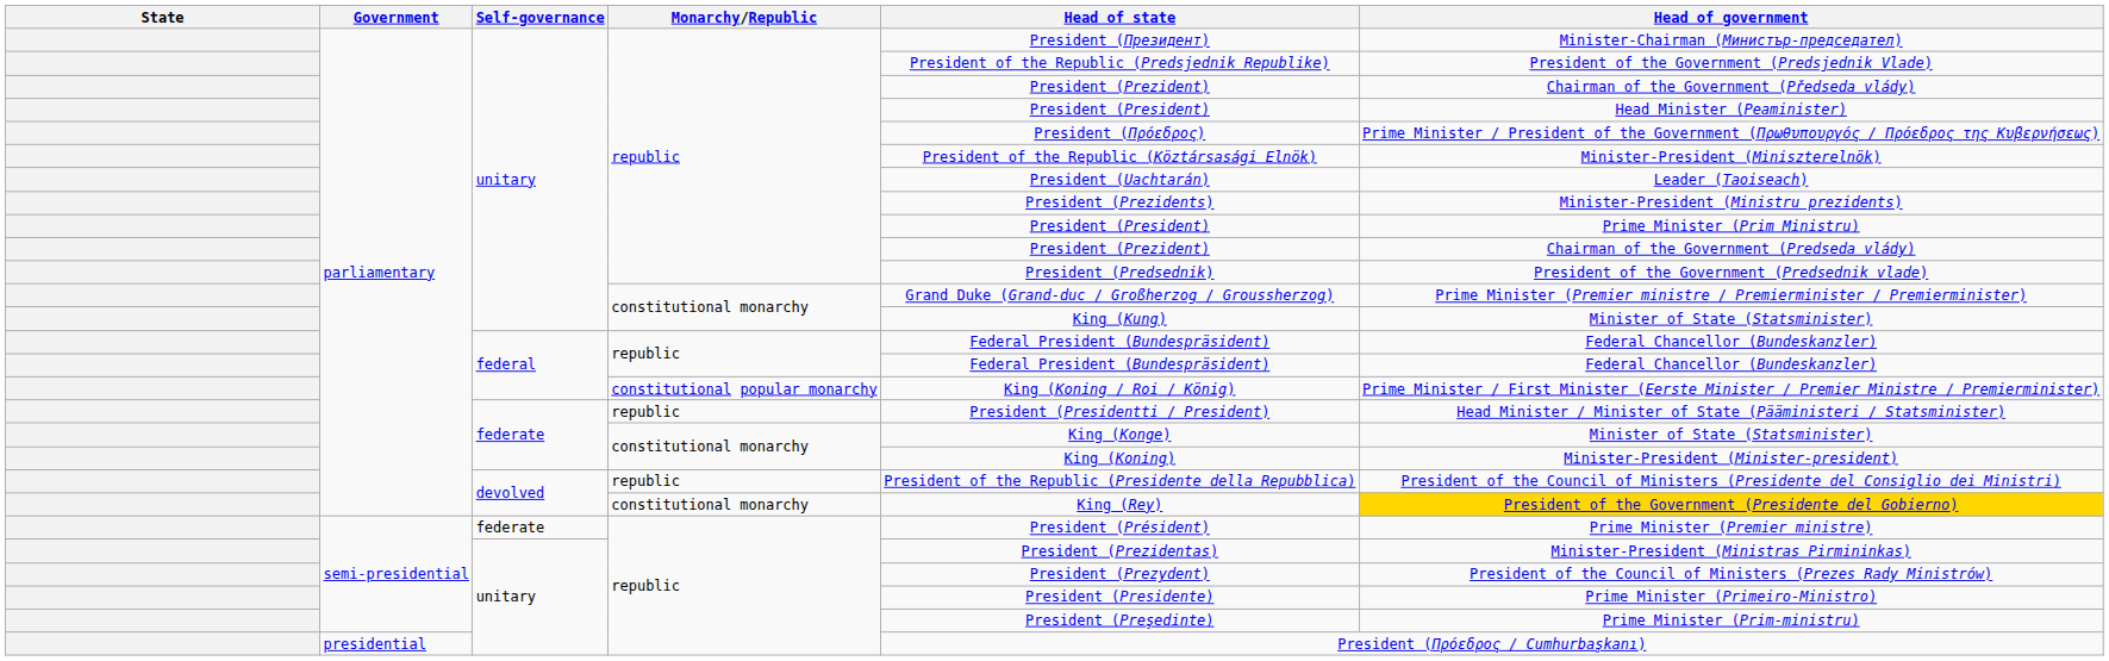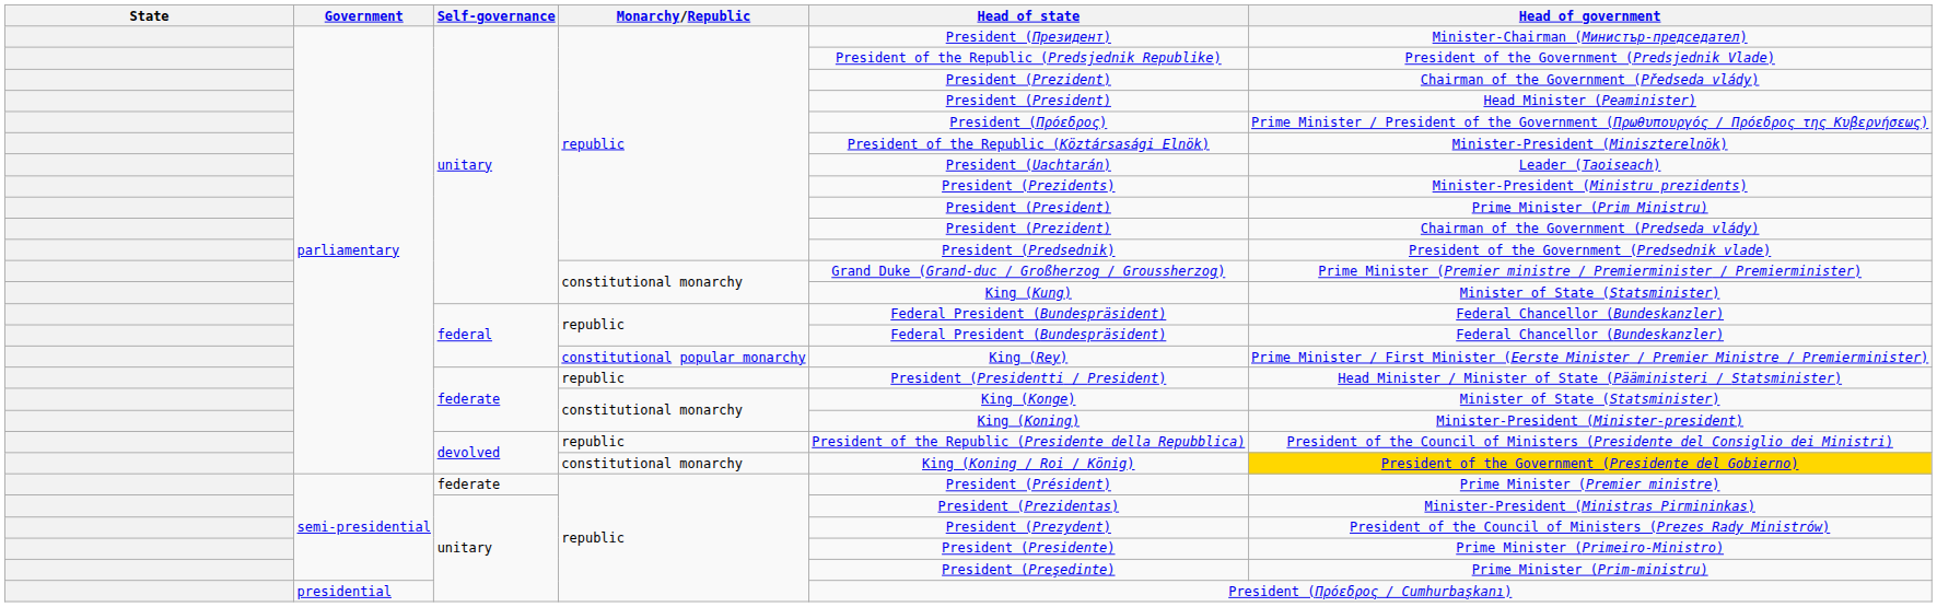 <table class="wikitable sortable" style="align:center">
 <tr>
 <th style="width:15%">State</th>
 <th><a href='#'>Government</a></th>
 <th><a href='#'>Self-governance</a></th>
 <th><a href='#'>Monarchy</a>/<a href='#'>Republic</a></th>
 <th><a href='#'>Head of state</a></th>
 <th><a href='#'>Head of government</a></th>
 </tr>
 <tr>
 <th style="text-align:left"></th>
 <td rowspan="21"><a href='#'>parliamentary</a></td>
 <td rowspan="13"><a href='#'>unitary</a></td>
 <td rowspan="11"><a href='#'>republic</a></td>
 <td align="center"><a href='#'>President (<em>Президент</em>)</a></td>
 <td align="center"><a href='#'>Minister-Chairman (<em>Министър-председател</em>)</a></td>
 </tr>
 <tr>
 <th style="text-align:left"></th>
 <td align="center"><a href='#'>President of the Republic (<em>Predsjednik Republike</em>)</a></td>
 <td align="center"><a href='#'>President of the Government (<em>Predsjednik Vlade</em>)</a></td>
 </tr>
 <tr>
 <th style="text-align:left"></th>
 <td align="center"><a href='#'>President (<em>Prezident</em>)</a></td>
 <td align="center"><a href='#'>Chairman of the Government (<em>Předseda vlády</em>)</a></td>
 </tr>
 <tr>
 <th style="text-align:left"></th>
 <td align="center"><a href='#'>President (<em>President</em>)</a></td>
 <td align="center"><a href='#'>Head Minister (<em>Peaminister</em>)</a></td>
 </tr>
 <tr>
 <th style="text-align:left"></th>
 <td align="center"><a href='#'>President (<em>Πρόεδρος</em>)</a></td>
 <td align="center"><a href='#'>Prime Minister / President of the Government (<em>Πρωθυπουργός / Πρόεδρος της Κυβερνήσεως</em>)</a></td>
 </tr>
 <tr>
 <th style="text-align:left"></th>
 <td align="center"><a href='#'>President of the Republic (<em>Köztársasági Elnök</em>)</a></td>
 <td align="center"><a href='#'>Minister-President (<em>Miniszterelnök</em>)</a></td>
 </tr>
 <tr>
 <th style="text-align:left"></th>
 <td align="center"><a href='#'>President (<em>Uachtarán</em>)</a></td>
 <td align="center"><a href='#'>Leader (<em>Taoiseach</em>)</a></td>
 </tr>
 <tr>
 <th style="text-align:left"></th>
 <td align="center"><a href='#'>President (<em>Prezidents</em>)</a></td>
 <td align="center"><a href='#'>Minister-President (<em>Ministru prezidents</em>)</a></td>
 </tr>
 <tr>
 <th style="text-align:left"></th>
 <td align="center"><a href='#'>President (<em>President</em>)</a></td>
 <td align="center"><a href='#'>Prime Minister (<em>Prim Ministru</em>)</a></td>
 </tr>
 <tr>
 <th style="text-align:left"></th>
 <td align="center"><a href='#'>President (<em>Prezident</em>)</a></td>
 <td align="center"><a href='#'>Chairman of the Government (<em>Predseda vlády</em>)</a></td>
 </tr>
 <tr>
 <th style="text-align:left"></th>
 <td align="center"><a href='#'>President (<em>Predsednik</em>)</a></td>
 <td align="center"><a href='#'>President of the Government (<em>Predsednik vlade</em>)</a></td>
 </tr>
 <tr>
 <th style="text-align:left"></th>
 <td rowspan="2">constitutional monarchy</td>
 <td align="center"><a href='#'>Grand Duke (<em>Grand-duc</em> / <em>Großherzog</em> / <em>Groussherzog</em>)</a></td>
 <td align="center"><a href='#'>Prime Minister (<em>Premier ministre</em> / <em>Premierminister</em> / <em>Premierminister</em>)</a></td>
 </tr>
 <tr>
 <th style="text-align:left"></th>
 <td align="center"><a href='#'>King (<em>Kung</em>)</a></td>
 <td align="center"><a href='#'>Minister of State (<em>Statsminister</em>)</a></td>
 </tr>
 <tr>
 <th style="text-align:left"></th>
 <td rowspan="3"><a href='#'>federal</a></td>
 <td rowspan="2">republic</td>
 <td align="center"><a href='#'>Federal President (<em>Bundespräsident</em>)</a></td>
 <td align="center"><a href='#'>Federal Chancellor (<em>Bundeskanzler</em>)</a></td>
 </tr>
 <tr>
 <th style="text-align:left"></th>
 <td align="center"><a href='#'>Federal President (<em>Bundespräsident</em>)</a></td>
 <td align="center"><a href='#'>Federal Chancellor (<em>Bundeskanzler</em>)</a></td>
 </tr>
 <tr>
 <th style="text-align:left"></th>
 <td><a href='#'>constitutional</a> <a href='#'>popular monarchy</a></td>
-<td align="center"><a href='#'>King (<em>Koning</em> / <em>Roi</em> / <em>König</em>)</a></td>
+<td align="center"><a href='#'>King (<em>Rey</em>)</a></td>
 <td align="center"><a href='#'>Prime Minister / First Minister (<em>Eerste Minister</em> / <em>Premier Ministre</em> / <em>Premierminister</em>)</a></td>
 </tr>
 <tr>
 <th style="text-align:left"></th>
 <td rowspan="3"><a href='#'>federate</a></td>
 <td>republic</td>
 <td align="center"><a href='#'>President (<em>Presidentti</em> / <em>President</em>)</a></td>
 <td align="center"><a href='#'>Head Minister / Minister of State (<em>Pääministeri</em> / <em>Statsminister</em>)</a></td>
 </tr>
 <tr>
 <th style="text-align:left"></th>
 <td rowspan="2">constitutional monarchy</td>
 <td align="center"><a href='#'>King (<em>Konge</em>)</a></td>
 <td align="center"><a href='#'>Minister of State (<em>Statsminister</em>)</a></td>
 </tr>
 <tr>
 <th style="text-align:left"></th>
 <td align="center"><a href='#'>King (<em>Koning</em>)</a></td>
 <td align="center"><a href='#'>Minister-President (<em>Minister-president</em>)</a></td>
 </tr>
 <tr>
 <th style="text-align:left"></th>
 <td rowspan="2"><a href='#'>devolved</a></td>
 <td>republic</td>
 <td align="center"><a href='#'>President of the Republic (<em>Presidente della Repubblica</em>)</a></td>
 <td align="center"><a href='#'>President of the Council of Ministers (<em>Presidente del Consiglio dei Ministri</em>)</a></td>
 </tr>
 <tr>
 <th style="text-align:left"></th>
 <td>constitutional monarchy</td>
-<td align="center"><a href='#'>King (<em>Rey</em>)</a></td>
+<td align="center"><a href='#'>King (<em>Koning</em> / <em>Roi</em> / <em>König</em>)</a></td>
 <td align="center" style="background: gold;"><a href='#'>President of the Government (<em>Presidente del Gobierno</em>)</a></td>
 </tr>
 <tr>
 <th style="text-align:left"></th>
 <td rowspan="5"><a href='#'>semi-presidential</a></td>
 <td>federate</td>
 <td rowspan="6">republic</td>
 <td align="center"><a href='#'>President (<em>Président</em>)</a></td>
 <td align="center"><a href='#'>Prime Minister (<em>Premier ministre</em>)</a></td>
 </tr>
 <tr>
 <th style="text-align:left"></th>
 <td rowspan="5">unitary</td>
 <td align="center"><a href='#'>President (<em>Prezidentas</em>)</a></td>
 <td align="center"><a href='#'>Minister-President (<em>Ministras Pirmininkas</em>)</a></td>
 </tr>
 <tr>
 <th style="text-align:left"></th>
 <td align="center"><a href='#'>President (<em>Prezydent</em>)</a></td>
 <td align="center"><a href='#'>President of the Council of Ministers (<em>Prezes Rady Ministrów</em>)</a></td>
 </tr>
 <tr>
 <th style="text-align:left"></th>
 <td align="center"><a href='#'>President (<em>Presidente</em>)</a></td>
 <td align="center"><a href='#'>Prime Minister (<em>Primeiro-Ministro</em>)</a></td>
 </tr>
 <tr>
 <th style="text-align:left"></th>
 <td align="center"><a href='#'>President (<em>Preşedinte</em>)</a></td>
 <td align="center"><a href='#'>Prime Minister (<em>Prim-ministru</em>)</a></td>
 </tr>
 <tr>
 <th style="text-align:left"></th>
 <td><a href='#'>presidential</a></td>
 <td colspan="2" align="center"><a href='#'>President (<em>Πρόεδρος / Cumhurbaşkanı</em>)</a></td>
 </tr>
 </table>
